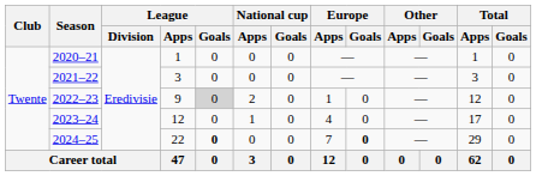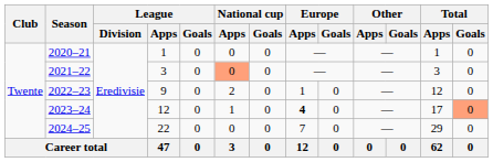 <table class="wikitable" style="text-align:center">
 <tr>
 <th rowspan="2">Club</th>
 <th rowspan="2">Season</th>
 <th colspan="3">League</th>
 <th colspan="2">National cup</th>
 <th colspan="2">Europe</th>
 <th colspan="2">Other</th>
 <th colspan="2">Total</th>
 </tr>
 <tr>
 <th>Division</th>
 <th>Apps</th>
 <th>Goals</th>
 <th>Apps</th>
 <th>Goals</th>
 <th>Apps</th>
 <th>Goals</th>
 <th>Apps</th>
 <th>Goals</th>
 <th>Apps</th>
 <th>Goals</th>
 </tr>
 <tr>
 <td rowspan="5"><a href='#'>Twente</a></td>
 <td><a href='#'>2020–21</a></td>
 <td rowspan="5"><a href='#'>Eredivisie</a></td>
 <td>1</td>
 <td>0</td>
 <td>0</td>
 <td>0</td>
 <td colspan="2">—</td>
 <td colspan="2">—</td>
 <td>1</td>
 <td>0</td>
 </tr>
 <tr>
 <td><a href='#'>2021–22</a></td>
 <td>3</td>
 <td>0</td>
-<td>0</td>
+<td style="background: lightsalmon;">0</td>
 <td>0</td>
 <td colspan="2">—</td>
 <td colspan="2">—</td>
 <td>3</td>
 <td>0</td>
 </tr>
 <tr>
 <td><a href='#'>2022–23</a></td>
 <td>9</td>
-<td style="background: lightgrey;">0</td>
+<td>0</td>
 <td>2</td>
 <td>0</td>
 <td>1</td>
 <td>0</td>
 <td colspan="2">—</td>
 <td>12</td>
 <td>0</td>
 </tr>
 <tr>
 <td><a href='#'>2023–24</a></td>
 <td>12</td>
 <td>0</td>
 <td>1</td>
 <td>0</td>
-<td>4</td>
+<td><strong>4</strong></td>
 <td>0</td>
 <td colspan="2">—</td>
 <td>17</td>
-<td>0</td>
+<td style="background: lightsalmon;">0</td>
 </tr>
 <tr>
 <td><a href='#'>2024–25</a></td>
 <td>22</td>
-<td><strong>0</strong></td>
+<td>0</td>
 <td>0</td>
 <td>0</td>
 <td>7</td>
-<td><strong>0</strong></td>
+<td>0</td>
 <td colspan="2">—</td>
 <td>29</td>
 <td>0</td>
 </tr>
 <tr>
 <th colspan="3">Career total</th>
 <th>47</th>
 <th>0</th>
 <th>3</th>
 <th>0</th>
 <th>12</th>
 <th>0</th>
 <th>0</th>
 <th>0</th>
 <th>62</th>
 <th>0</th>
 </tr>
 </table>
